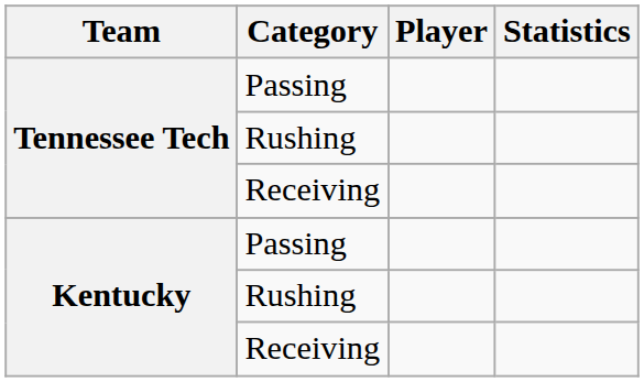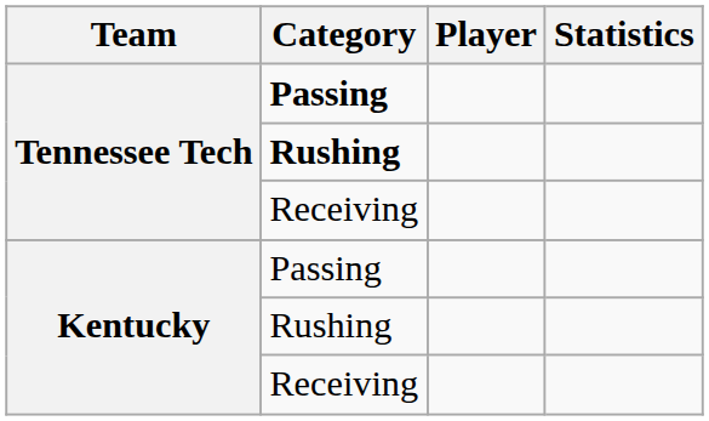 <table class="wikitable" style="float:right">
 <tr>
 <th>Team</th>
 <th>Category</th>
 <th>Player</th>
 <th>Statistics</th>
 </tr>
 <tr>
 <th rowspan=3>Tennessee Tech</th>
-<td>Passing</td>
+<td><strong>Passing</strong></td>
 <td></td>
 <td></td>
 </tr>
 <tr>
-<td>Rushing</td>
+<td><strong>Rushing</strong></td>
 <td></td>
 <td></td>
 </tr>
 <tr>
 <td>Receiving</td>
 <td></td>
 <td></td>
 </tr>
 <tr>
 <th rowspan=3>Kentucky</th>
 <td>Passing</td>
 <td></td>
 <td></td>
 </tr>
 <tr>
 <td>Rushing</td>
 <td></td>
 <td></td>
 </tr>
 <tr>
 <td>Receiving</td>
 <td></td>
 <td></td>
 </tr>
 </table>
